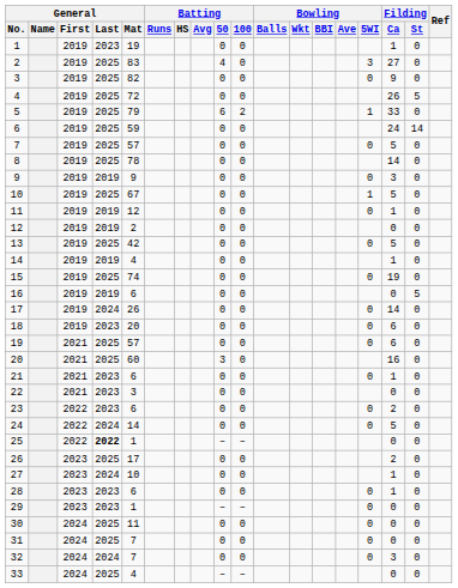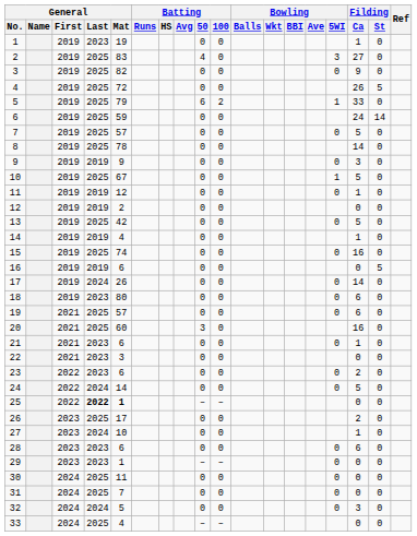 <table class="wikitable plainrowheaders sortable" style="text-align:center">
 <tr align="center">
 <th scope="col" colspan=5 class="unsortable">General</th>
 <th scope="col" colspan=5 class="unsortable"><a href='#'>Batting</a></th>
 <th scope="col" colspan=5 class="unsortable"><a href='#'>Bowling</a></th>
 <th scope="col" colspan=2 class="unsortable"><a href='#'>Filding</a></th>
 <th scope="col" rowspan=2 class="unsortable">Ref</th>
 </tr>
 <tr align="center">
 <th scope="col">No.</th>
 <th scope="col">Name</th>
 <th scope="col">First</th>
 <th scope="col">Last</th>
 <th scope="col">Mat</th>
 <th scope="col"><a href='#'>Runs</a></th>
 <th scope="col">HS</th>
 <th scope="col"><a href='#'>Avg</a></th>
 <th scope="col"><a href='#'>50</a></th>
 <th scope="col"><a href='#'>100</a></th>
 <th scope="col"><a href='#'>Balls</a></th>
 <th scope="col"><a href='#'>Wkt</a></th>
 <th scope="col"><a href='#'>BBI</a></th>
 <th scope="col"><a href='#'>Ave</a></th>
 <th scope="col"><a href='#'>5WI</a></th>
 <th scope="col"><a href='#'>Ca</a></th>
 <th scope="col"><a href='#'>St</a></th>
 </tr>
 <tr align="center">
 <td>1</td>
 <th scope="row"></th>
 <td>2019</td>
 <td>2023</td>
 <td>19</td>
 <td></td>
 <td></td>
 <td></td>
 <td>0</td>
 <td>0</td>
 <td></td>
 <td></td>
 <td></td>
 <td></td>
 <td></td>
 <td>1</td>
 <td>0</td>
 <td></td>
 </tr>
 <tr align="center">
 <td>2</td>
 <th scope="row"></th>
 <td>2019</td>
 <td>2025</td>
 <td>83</td>
 <td></td>
 <td></td>
 <td></td>
 <td>4</td>
 <td>0</td>
 <td></td>
 <td></td>
 <td></td>
 <td></td>
 <td>3</td>
 <td>27</td>
 <td>0</td>
 <td></td>
 </tr>
 <tr align="center">
 <td>3</td>
 <th scope="row"></th>
 <td>2019</td>
 <td>2025</td>
 <td>82</td>
 <td></td>
 <td></td>
 <td></td>
 <td>0</td>
 <td>0</td>
 <td></td>
 <td></td>
 <td></td>
 <td></td>
 <td>0</td>
 <td>9</td>
 <td>0</td>
 <td></td>
 </tr>
 <tr align="center">
 <td>4</td>
 <th scope="row"></th>
 <td>2019</td>
 <td>2025</td>
 <td>72</td>
 <td></td>
 <td></td>
 <td></td>
 <td>0</td>
 <td>0</td>
 <td></td>
 <td></td>
 <td></td>
 <td></td>
 <td></td>
 <td>26</td>
 <td>5</td>
 <td></td>
 </tr>
 <tr align="center">
 <td>5</td>
 <th scope="row"></th>
 <td>2019</td>
 <td>2025</td>
 <td>79</td>
 <td></td>
 <td></td>
 <td></td>
 <td>6</td>
 <td>2</td>
 <td></td>
 <td></td>
 <td></td>
 <td></td>
 <td>1</td>
 <td>33</td>
 <td>0</td>
 <td></td>
 </tr>
 <tr align="center">
 <td>6</td>
 <th scope="row"></th>
 <td>2019</td>
 <td>2025</td>
 <td>59</td>
 <td></td>
 <td></td>
 <td></td>
 <td>0</td>
 <td>0</td>
 <td></td>
 <td></td>
 <td></td>
 <td></td>
 <td></td>
 <td>24</td>
 <td>14</td>
 <td></td>
 </tr>
 <tr align="center">
 <td>7</td>
 <th scope="row"></th>
 <td>2019</td>
 <td>2025</td>
 <td>57</td>
 <td></td>
 <td></td>
 <td></td>
 <td>0</td>
 <td>0</td>
 <td></td>
 <td></td>
 <td></td>
 <td></td>
 <td>0</td>
 <td>5</td>
 <td>0</td>
 <td></td>
 </tr>
 <tr align="center">
 <td>8</td>
 <th scope="row"></th>
 <td>2019</td>
 <td>2025</td>
 <td>78</td>
 <td></td>
 <td></td>
 <td></td>
 <td>0</td>
 <td>0</td>
 <td></td>
 <td></td>
 <td></td>
 <td></td>
 <td></td>
 <td>14</td>
 <td>0</td>
 <td></td>
 </tr>
 <tr align="center">
 <td>9</td>
 <th scope="row"></th>
 <td>2019</td>
 <td>2019</td>
 <td>9</td>
 <td></td>
 <td></td>
 <td></td>
 <td>0</td>
 <td>0</td>
 <td></td>
 <td></td>
 <td></td>
 <td></td>
 <td>0</td>
 <td>3</td>
 <td>0</td>
 <td></td>
 </tr>
 <tr align="center">
 <td>10</td>
 <th scope="row"></th>
 <td>2019</td>
 <td>2025</td>
 <td>67</td>
 <td></td>
 <td></td>
 <td></td>
 <td>0</td>
 <td>0</td>
 <td></td>
 <td></td>
 <td></td>
 <td></td>
 <td>1</td>
 <td>5</td>
 <td>0</td>
 <td></td>
 </tr>
 <tr align="center">
 <td>11</td>
 <th scope="row"></th>
 <td>2019</td>
 <td>2019</td>
 <td>12</td>
 <td></td>
 <td></td>
 <td></td>
 <td>0</td>
 <td>0</td>
 <td></td>
 <td></td>
 <td></td>
 <td></td>
 <td>0</td>
 <td>1</td>
 <td>0</td>
 <td></td>
 </tr>
 <tr align="center">
 <td>12</td>
 <th scope="row"></th>
 <td>2019</td>
 <td>2019</td>
 <td>2</td>
 <td></td>
 <td></td>
 <td></td>
 <td>0</td>
 <td>0</td>
 <td></td>
 <td></td>
 <td></td>
 <td></td>
 <td></td>
 <td>0</td>
 <td>0</td>
 <td></td>
 </tr>
 <tr align="center">
 <td>13</td>
 <th scope="row"></th>
 <td>2019</td>
 <td>2025</td>
 <td>42</td>
 <td></td>
 <td></td>
 <td></td>
 <td>0</td>
 <td>0</td>
 <td></td>
 <td></td>
 <td></td>
 <td></td>
 <td>0</td>
 <td>5</td>
 <td>0</td>
 <td></td>
 </tr>
 <tr align="center">
 <td>14</td>
 <th scope="row"></th>
 <td>2019</td>
 <td>2019</td>
 <td>4</td>
 <td></td>
 <td></td>
 <td></td>
 <td>0</td>
 <td>0</td>
 <td></td>
 <td></td>
 <td></td>
 <td></td>
 <td></td>
 <td>1</td>
 <td>0</td>
 <td></td>
 </tr>
 <tr align="center">
 <td>15</td>
 <th scope="row"></th>
 <td>2019</td>
 <td>2025</td>
 <td>74</td>
 <td></td>
 <td></td>
 <td></td>
 <td>0</td>
 <td>0</td>
 <td></td>
 <td></td>
 <td></td>
 <td></td>
 <td>0</td>
-<td>19</td>
+<td>16</td>
 <td>0</td>
 <td></td>
 </tr>
 <tr align="center">
 <td>16</td>
 <th scope="row"></th>
 <td>2019</td>
 <td>2019</td>
 <td>6</td>
 <td></td>
 <td></td>
 <td></td>
 <td>0</td>
 <td>0</td>
 <td></td>
 <td></td>
 <td></td>
 <td></td>
 <td></td>
 <td>0</td>
 <td>5</td>
 <td></td>
 </tr>
 <tr align="center">
 <td>17</td>
 <th scope="row"></th>
 <td>2019</td>
 <td>2024</td>
 <td>26</td>
 <td></td>
 <td></td>
 <td></td>
 <td>0</td>
 <td>0</td>
 <td></td>
 <td></td>
 <td></td>
 <td></td>
 <td>0</td>
 <td>14</td>
 <td>0</td>
 <td></td>
 </tr>
 <tr align="center">
 <td>18</td>
 <th scope="row"></th>
 <td>2019</td>
 <td>2023</td>
-<td>20</td>
+<td>80</td>
 <td></td>
 <td></td>
 <td></td>
 <td>0</td>
 <td>0</td>
 <td></td>
 <td></td>
 <td></td>
 <td></td>
 <td>0</td>
 <td>6</td>
 <td>0</td>
 <td></td>
 </tr>
 <tr align="center">
 <td>19</td>
 <th scope="row"></th>
 <td>2021</td>
 <td>2025</td>
 <td>57</td>
 <td></td>
 <td></td>
 <td></td>
 <td>0</td>
 <td>0</td>
 <td></td>
 <td></td>
 <td></td>
 <td></td>
 <td>0</td>
 <td>6</td>
 <td>0</td>
 <td></td>
 </tr>
 <tr align="center">
 <td>20</td>
 <th scope="row"></th>
 <td>2021</td>
 <td>2025</td>
 <td>60</td>
 <td></td>
 <td></td>
 <td></td>
 <td>3</td>
 <td>0</td>
 <td></td>
 <td></td>
 <td></td>
 <td></td>
 <td></td>
 <td>16</td>
 <td>0</td>
 <td></td>
 </tr>
 <tr align="center">
 <td>21</td>
 <th scope="row"></th>
 <td>2021</td>
 <td>2023</td>
 <td>6</td>
 <td></td>
 <td></td>
 <td></td>
 <td>0</td>
 <td>0</td>
 <td></td>
 <td></td>
 <td></td>
 <td></td>
 <td>0</td>
 <td>1</td>
 <td>0</td>
 <td></td>
 </tr>
 <tr align="center">
 <td>22</td>
 <th scope="row"></th>
 <td>2021</td>
 <td>2023</td>
 <td>3</td>
 <td></td>
 <td></td>
 <td></td>
 <td>0</td>
 <td>0</td>
 <td></td>
 <td></td>
 <td></td>
 <td></td>
 <td></td>
 <td>0</td>
 <td>0</td>
 <td></td>
 </tr>
 <tr align="center">
 <td>23</td>
 <th scope="row"></th>
 <td>2022</td>
 <td>2023</td>
 <td>6</td>
 <td></td>
 <td></td>
 <td></td>
 <td>0</td>
 <td>0</td>
 <td></td>
 <td></td>
 <td></td>
 <td></td>
 <td>0</td>
 <td>2</td>
 <td>0</td>
 <td></td>
 </tr>
 <tr align="center">
 <td>24</td>
 <th scope="row"></th>
 <td>2022</td>
 <td>2024</td>
 <td>14</td>
 <td></td>
 <td></td>
 <td></td>
 <td>0</td>
 <td>0</td>
 <td></td>
 <td></td>
 <td></td>
 <td></td>
 <td>0</td>
 <td>5</td>
 <td>0</td>
 <td></td>
 </tr>
 <tr align="center">
 <td>25</td>
 <th scope="row"></th>
 <td>2022</td>
 <td><strong>2022</strong></td>
-<td>1</td>
+<td><strong>1</strong></td>
 <td></td>
 <td></td>
 <td></td>
 <td>–</td>
 <td>–</td>
 <td></td>
 <td></td>
 <td></td>
 <td></td>
 <td></td>
 <td>0</td>
 <td>0</td>
 <td></td>
 </tr>
 <tr align="center">
 <td>26</td>
 <th scope="row"></th>
 <td>2023</td>
 <td>2025</td>
 <td>17</td>
 <td></td>
 <td></td>
 <td></td>
 <td>0</td>
 <td>0</td>
 <td></td>
 <td></td>
 <td></td>
 <td></td>
 <td></td>
 <td>2</td>
 <td>0</td>
 <td></td>
 </tr>
 <tr align="center">
 <td>27</td>
 <th scope="row"></th>
 <td>2023</td>
 <td>2024</td>
 <td>10</td>
 <td></td>
 <td></td>
 <td></td>
 <td>0</td>
 <td>0</td>
 <td></td>
 <td></td>
 <td></td>
 <td></td>
 <td></td>
 <td>1</td>
 <td>0</td>
 <td></td>
 </tr>
 <tr align="center">
 <td>28</td>
 <th scope="row"></th>
 <td>2023</td>
 <td>2023</td>
 <td>6</td>
 <td></td>
 <td></td>
 <td></td>
 <td>0</td>
 <td>0</td>
 <td></td>
 <td></td>
 <td></td>
 <td></td>
 <td>0</td>
-<td>1</td>
+<td>6</td>
 <td>0</td>
 <td></td>
 </tr>
 <tr align="center">
 <td>29</td>
 <th scope="row"></th>
 <td>2023</td>
 <td>2023</td>
 <td>1</td>
 <td></td>
 <td></td>
 <td></td>
 <td>–</td>
 <td>–</td>
 <td></td>
 <td></td>
 <td></td>
 <td></td>
 <td>0</td>
 <td>0</td>
 <td>0</td>
 <td></td>
 </tr>
 <tr align="center">
 <td>30</td>
 <th scope="row"></th>
 <td>2024</td>
 <td>2025</td>
 <td>11</td>
 <td></td>
 <td></td>
 <td></td>
 <td>0</td>
 <td>0</td>
 <td></td>
 <td></td>
 <td></td>
 <td></td>
 <td>0</td>
 <td>0</td>
 <td>0</td>
 <td></td>
 </tr>
 <tr align="center">
 <td>31</td>
 <th scope="row"></th>
 <td>2024</td>
 <td>2025</td>
 <td>7</td>
 <td></td>
 <td></td>
 <td></td>
 <td>0</td>
 <td>0</td>
 <td></td>
 <td></td>
 <td></td>
 <td></td>
 <td>0</td>
 <td>0</td>
 <td>0</td>
 <td></td>
 </tr>
 <tr align="center">
 <td>32</td>
 <th scope="row"></th>
 <td>2024</td>
 <td>2024</td>
-<td>7</td>
+<td>5</td>
 <td></td>
 <td></td>
 <td></td>
 <td>0</td>
 <td>0</td>
 <td></td>
 <td></td>
 <td></td>
 <td></td>
 <td>0</td>
 <td>3</td>
 <td>0</td>
 <td></td>
 </tr>
 <tr align="center">
 <td>33</td>
 <th scope="row"></th>
 <td>2024</td>
 <td>2025</td>
 <td>4</td>
 <td></td>
 <td></td>
 <td></td>
 <td>–</td>
 <td>–</td>
 <td></td>
 <td></td>
 <td></td>
 <td></td>
 <td></td>
 <td>0</td>
 <td>0</td>
 <td></td>
 </tr>
 </table>
